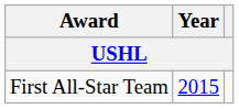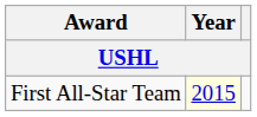 <table class="wikitable">
 <tr>
 <th>Award</th>
 <th>Year</th>
 <th></th>
 </tr>
 <tr>
 <th colspan="3"><a href='#'>USHL</a></th>
 </tr>
 <tr>
 <td>First All-Star Team</td>
-<td><a href='#'>2015</a></td>
+<td style="background: lightyellow;"><a href='#'>2015</a></td>
 <td></td>
 </tr>
 </table>
